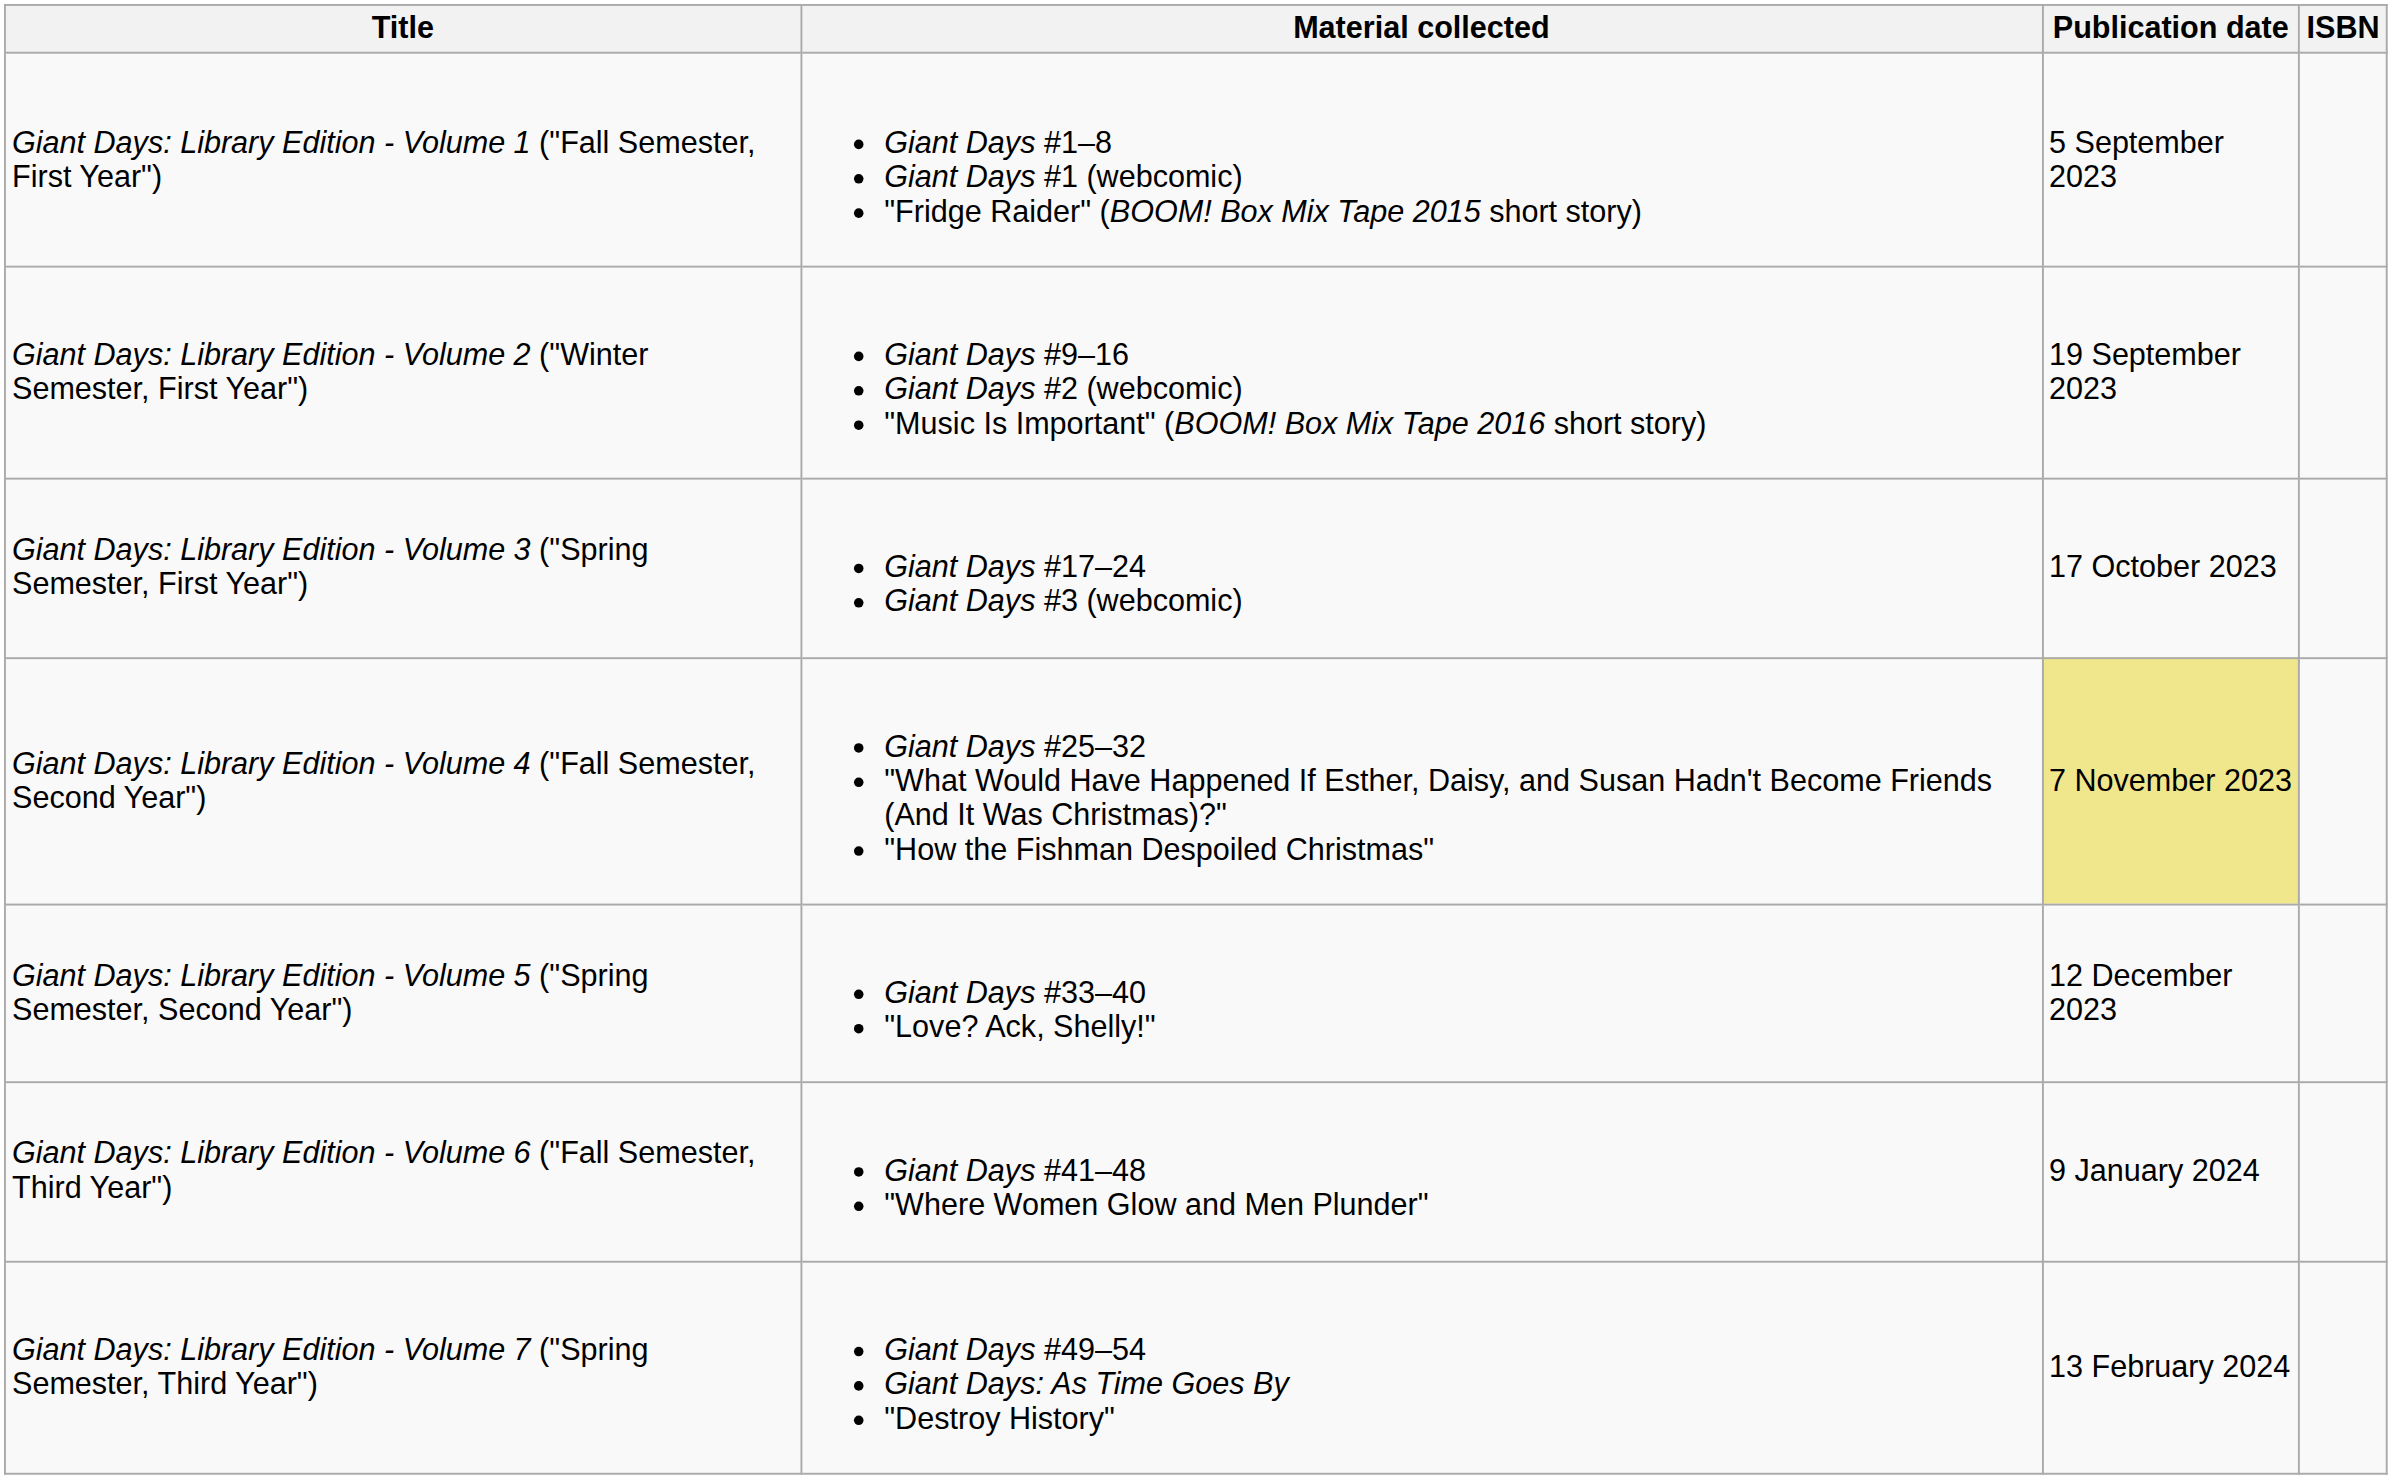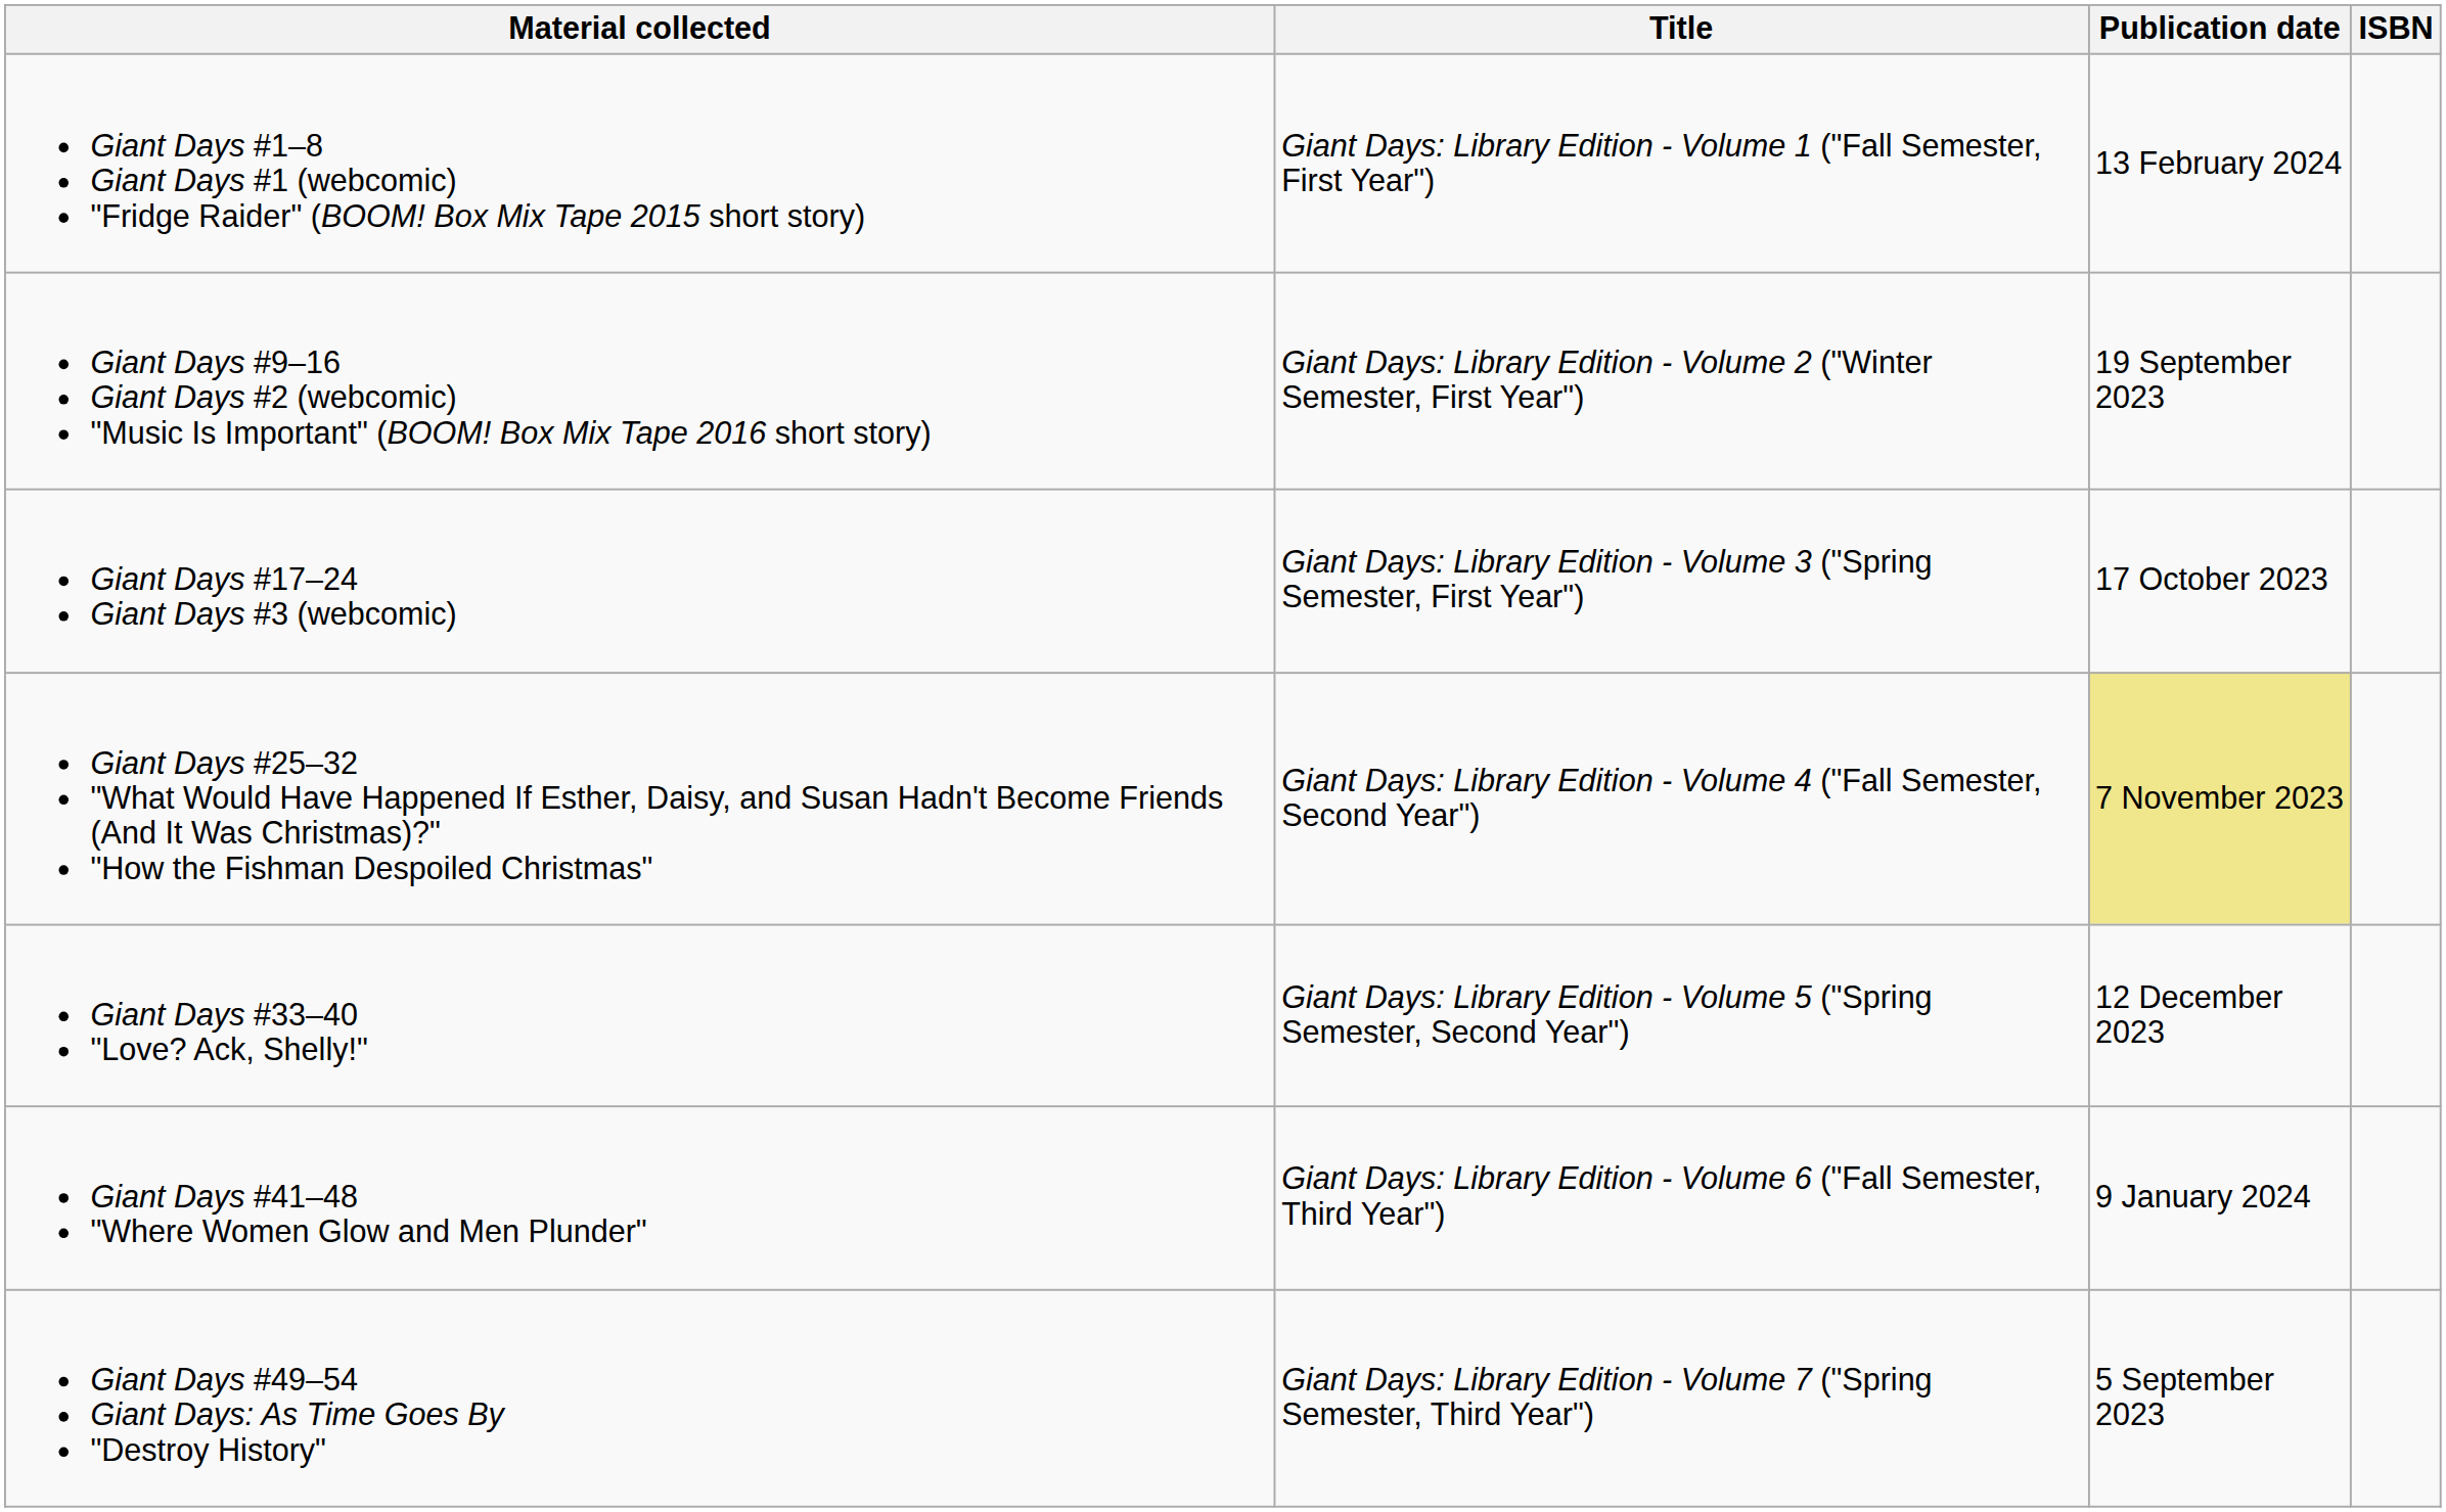 <table class="wikitable">
 <tr>
+<th>Material collected</th>
 <th>Title</th>
-<th>Material collected</th>
 <th>Publication date</th>
 <th>ISBN</th>
 </tr>
 <tr>
+<td><br><ul><li><em>Giant Days</em> #1–8</li><li><em>Giant Days</em> #1 (webcomic)</li><li>"Fridge Raider" (<em>BOOM! Box Mix Tape 2015</em> short story)</li></ul></td>
 <td><em>Giant Days: Library Edition - Volume 1</em> ("Fall Semester, First Year")</td>
-<td><br><ul><li><em>Giant Days</em> #1–8</li><li><em>Giant Days</em> #1 (webcomic)</li><li>"Fridge Raider" (<em>BOOM! Box Mix Tape 2015</em> short story)</li></ul></td>
-<td>5 September 2023</td>
+<td>13 February 2024</td>
 <td></td>
 </tr>
 <tr>
+<td><br><ul><li><em>Giant Days</em> #9–16</li><li><em>Giant Days</em> #2 (webcomic)</li><li>"Music Is Important" (<em>BOOM! Box Mix Tape 2016</em> short story)</li></ul></td>
 <td><em>Giant Days: Library Edition - Volume 2</em> ("Winter Semester, First Year")</td>
-<td><br><ul><li><em>Giant Days</em> #9–16</li><li><em>Giant Days</em> #2 (webcomic)</li><li>"Music Is Important" (<em>BOOM! Box Mix Tape 2016</em> short story)</li></ul></td>
 <td>19 September 2023</td>
 <td></td>
 </tr>
 <tr>
+<td><br><ul><li><em>Giant Days</em> #17–24</li><li><em>Giant Days</em> #3 (webcomic)</li></ul></td>
 <td><em>Giant Days: Library Edition - Volume 3</em> ("Spring Semester, First Year")</td>
-<td><br><ul><li><em>Giant Days</em> #17–24</li><li><em>Giant Days</em> #3 (webcomic)</li></ul></td>
 <td>17 October 2023</td>
 <td></td>
 </tr>
 <tr>
+<td><br><ul><li><em>Giant Days</em> #25–32</li><li>"What Would Have Happened If Esther, Daisy, and Susan Hadn't Become Friends (And It Was Christmas)?"</li><li>"How the Fishman Despoiled Christmas"</li></ul></td>
 <td><em>Giant Days: Library Edition - Volume 4</em> ("Fall Semester, Second Year")</td>
-<td><br><ul><li><em>Giant Days</em> #25–32</li><li>"What Would Have Happened If Esther, Daisy, and Susan Hadn't Become Friends (And It Was Christmas)?"</li><li>"How the Fishman Despoiled Christmas"</li></ul></td>
 <td style="background: khaki;">7 November 2023</td>
 <td></td>
 </tr>
 <tr>
+<td><br><ul><li><em>Giant Days</em> #33–40</li><li>"Love? Ack, Shelly!"</li></ul></td>
 <td><em>Giant Days: Library Edition - Volume 5</em> ("Spring Semester, Second Year")</td>
-<td><br><ul><li><em>Giant Days</em> #33–40</li><li>"Love? Ack, Shelly!"</li></ul></td>
 <td>12 December 2023</td>
 <td></td>
 </tr>
 <tr>
+<td><br><ul><li><em>Giant Days</em> #41–48</li><li>"Where Women Glow and Men Plunder"</li></ul></td>
 <td><em>Giant Days: Library Edition - Volume 6</em> ("Fall Semester, Third Year")</td>
-<td><br><ul><li><em>Giant Days</em> #41–48</li><li>"Where Women Glow and Men Plunder"</li></ul></td>
 <td>9 January 2024</td>
 <td></td>
 </tr>
 <tr>
+<td><br><ul><li><em>Giant Days</em> #49–54</li><li><em>Giant Days: As Time Goes By</em></li><li>"Destroy History"</li></ul></td>
 <td><em>Giant Days: Library Edition - Volume 7</em> ("Spring Semester, Third Year")</td>
-<td><br><ul><li><em>Giant Days</em> #49–54</li><li><em>Giant Days: As Time Goes By</em></li><li>"Destroy History"</li></ul></td>
-<td>13 February 2024</td>
+<td>5 September 2023</td>
 <td></td>
 </tr>
 </table>
